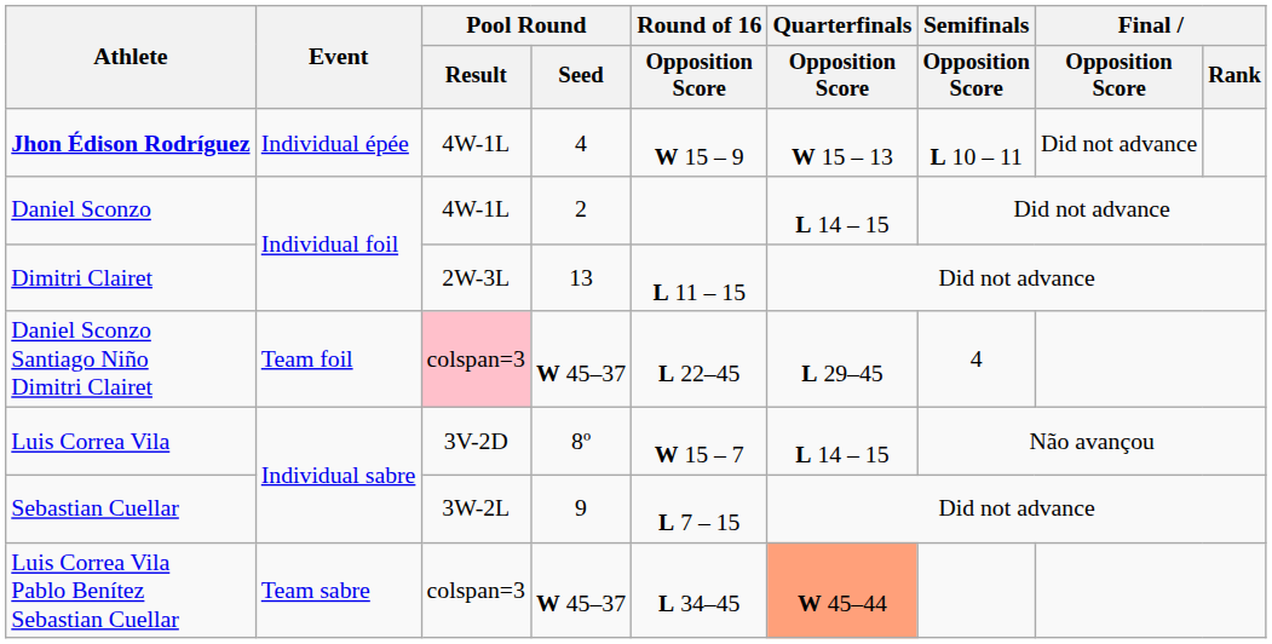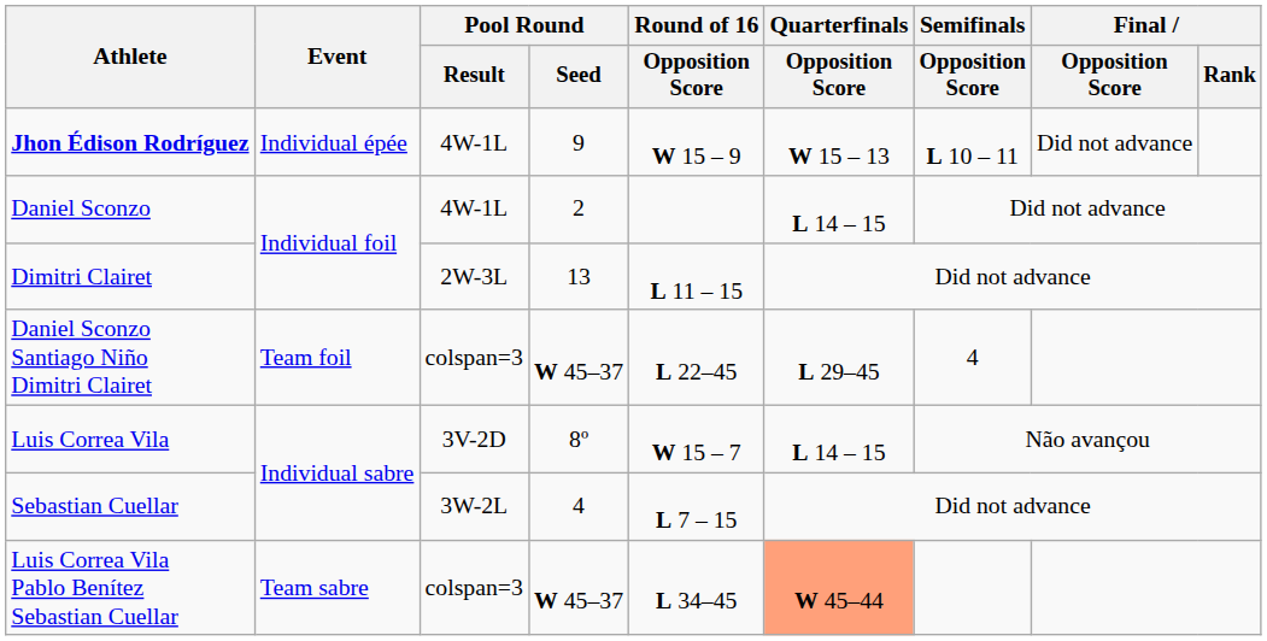 <table class=wikitable style="font-size:90%">
 <tr>
 <th rowspan="2">Athlete</th>
 <th rowspan="2">Event</th>
 <th colspan=2>Pool Round</th>
 <th>Round of 16</th>
 <th>Quarterfinals</th>
 <th>Semifinals</th>
 <th colspan=2>Final / </th>
 </tr>
 <tr style="font-size:95%">
 <th>Result</th>
 <th>Seed</th>
 <th>Opposition<br>Score</th>
 <th>Opposition<br>Score</th>
 <th>Opposition<br>Score</th>
 <th>Opposition<br>Score</th>
 <th>Rank</th>
 </tr>
 <tr align=center>
 <td align=left><strong><a href='#'>Jhon Édison Rodríguez</a></strong></td>
 <td align=left><a href='#'>Individual épée</a></td>
 <td>4W-1L</td>
-<td>4</td>
+<td>9</td>
 <td><br><strong>W</strong> 15 – 9</td>
 <td><br><strong>W</strong> 15 – 13</td>
 <td><br><strong>L</strong> 10 – 11</td>
 <td>Did not advance</td>
 <td></td>
 </tr>
 <tr align=center>
 <td align=left><a href='#'>Daniel Sconzo</a></td>
 <td align=left rowspan=2><a href='#'>Individual foil</a></td>
 <td>4W-1L</td>
 <td>2</td>
 <td></td>
 <td><br><strong>L</strong> 14 – 15</td>
 <td align=center colspan=3>Did not advance</td>
 </tr>
 <tr align=center>
 <td align=left><a href='#'>Dimitri Clairet</a></td>
 <td>2W-3L</td>
 <td>13</td>
 <td><br><strong>L</strong> 11 – 15</td>
 <td align=center colspan=4>Did not advance</td>
 </tr>
 <tr align=center>
 <td align=left><a href='#'>Daniel Sconzo</a><br><a href='#'>Santiago Niño</a><br><a href='#'>Dimitri Clairet</a></td>
 <td align=left><a href='#'>Team foil</a></td>
-<td style="background: pink;">colspan=3 </td>
+<td>colspan=3 </td>
 <td><br><strong>W</strong> 45–37</td>
 <td><br><strong>L</strong> 22–45</td>
 <td><br><strong>L</strong> 29–45</td>
 <td>4</td>
 </tr>
 <tr align=center>
 <td align=left><a href='#'>Luis Correa Vila</a></td>
 <td align=left rowspan=2><a href='#'>Individual sabre</a></td>
 <td>3V-2D</td>
 <td>8º</td>
 <td><br><strong>W</strong> 15 – 7</td>
 <td><br><strong>L</strong> 14 – 15</td>
 <td align=center colspan=3>Não avançou</td>
 </tr>
 <tr align=center>
 <td align=left><a href='#'>Sebastian Cuellar</a></td>
 <td>3W-2L</td>
-<td>9</td>
+<td>4</td>
 <td><br><strong>L</strong> 7 – 15</td>
 <td align=center colspan=4>Did not advance</td>
 </tr>
 <tr align=center>
 <td align=left><a href='#'>Luis Correa Vila</a><br><a href='#'>Pablo Benítez</a><br><a href='#'>Sebastian Cuellar</a></td>
 <td align=left><a href='#'>Team sabre</a></td>
 <td>colspan=3 </td>
 <td><br><strong>W</strong> 45–37</td>
 <td><br><strong>L</strong> 34–45</td>
 <td style="background: lightsalmon;"><br><strong>W</strong> 45–44</td>
 <td></td>
 </tr>
 </table>
